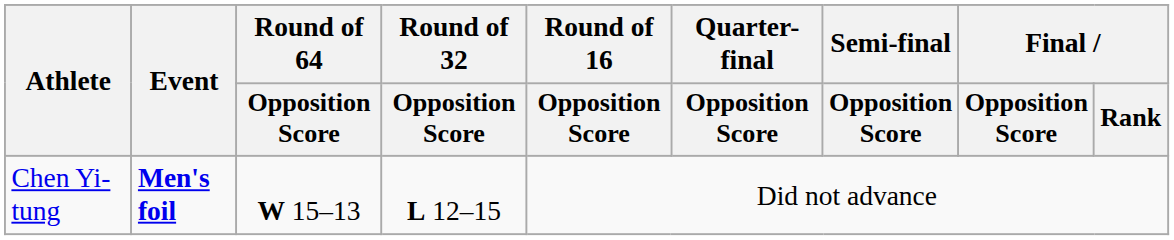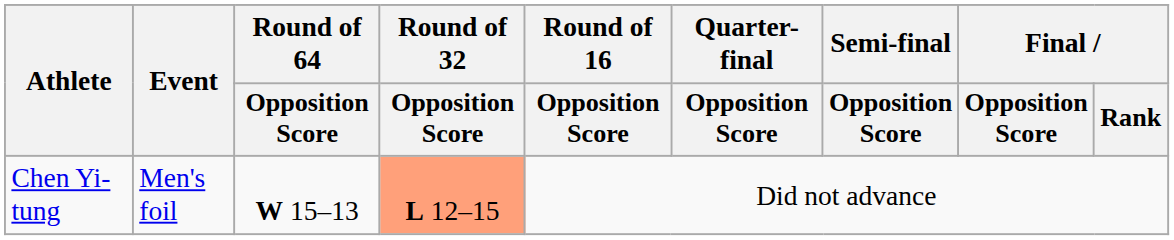 <table class="wikitable" style="font-size:90%">
 <tr>
 <th rowspan="2">Athlete</th>
 <th rowspan="2">Event</th>
 <th>Round of 64</th>
 <th>Round of 32</th>
 <th>Round of 16</th>
 <th>Quarter-final</th>
 <th>Semi-final</th>
 <th colspan="2">Final / </th>
 </tr>
 <tr style="font-size:95%">
 <th>Opposition <br> Score</th>
 <th>Opposition <br> Score</th>
 <th>Opposition <br> Score</th>
 <th>Opposition <br> Score</th>
 <th>Opposition <br> Score</th>
 <th>Opposition <br> Score</th>
 <th>Rank</th>
 </tr>
 <tr align="center">
 <td align="left"><a href='#'>Chen Yi-tung</a></td>
-<td align="left"><strong><a href='#'>Men's foil</a></strong></td>
+<td align="left"><a href='#'>Men's foil</a></td>
 <td><br><strong>W</strong> 15–13</td>
-<td><br><strong>L</strong> 12–15</td>
+<td style="background: lightsalmon;"><br><strong>L</strong> 12–15</td>
 <td colspan="5">Did not advance</td>
 </tr>
 </table>
